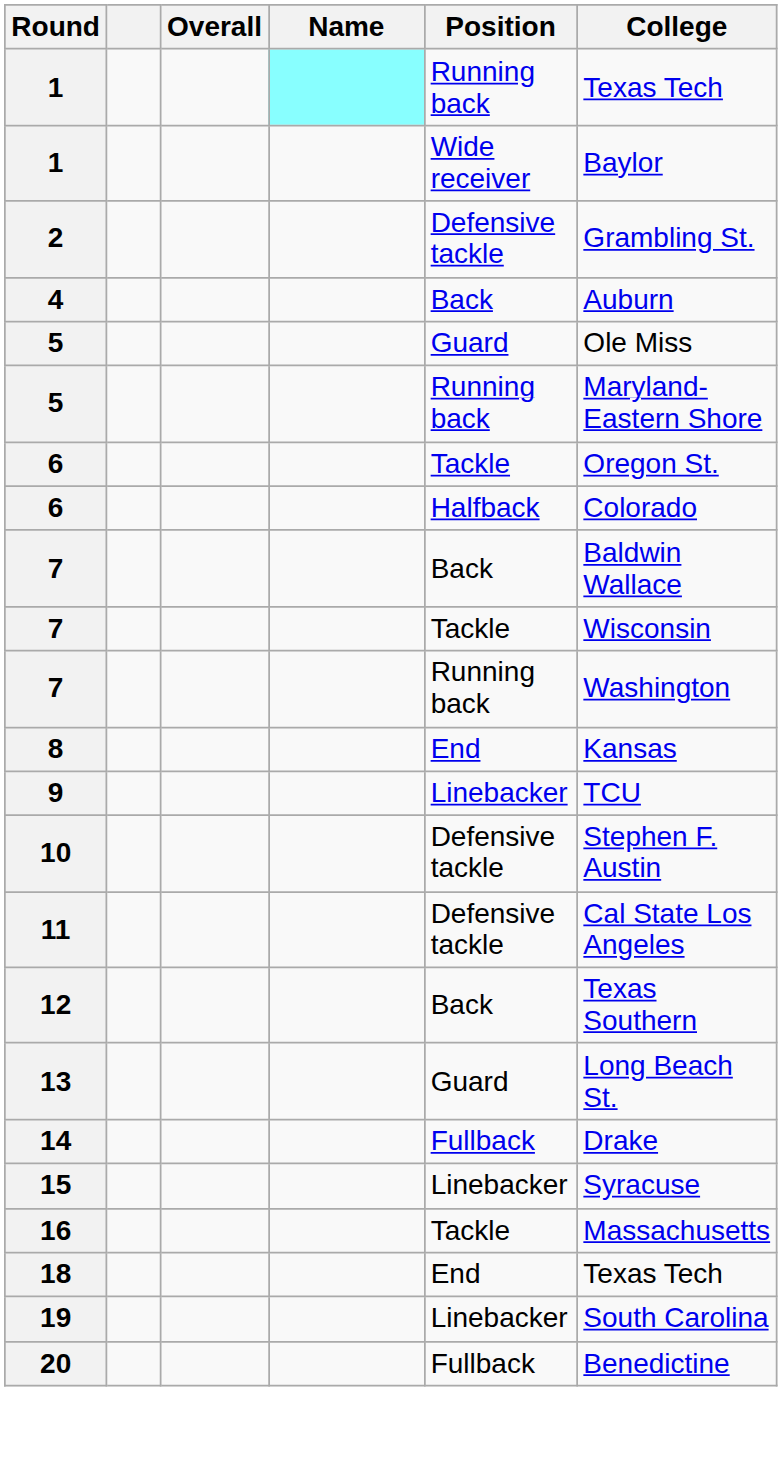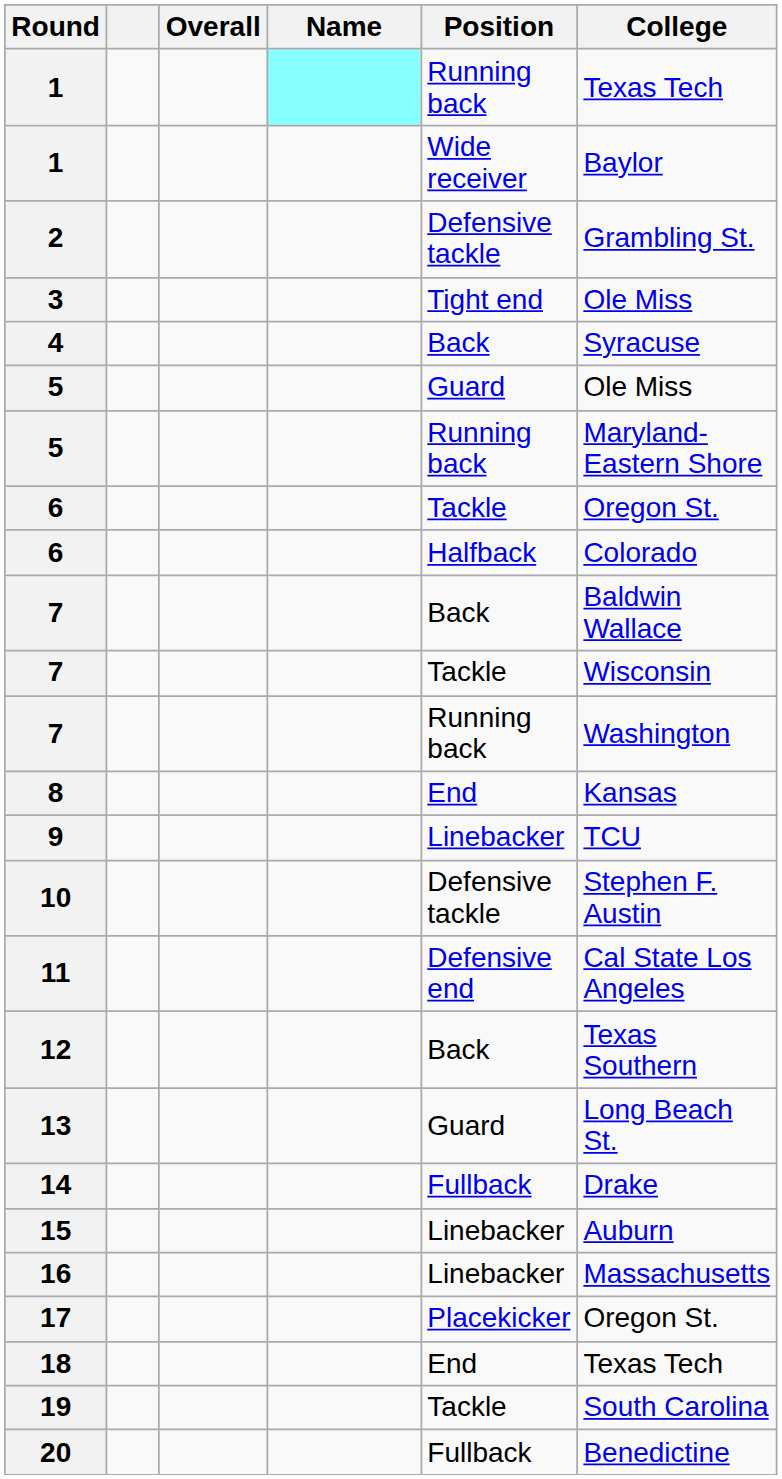 <table class="wikitable sortable" style="width: 50%;">
 <tr>
 <th scope="col" style="width: 10%;">Round</th>
 <th scope="col" style="width: 10%;"></th>
 <th scope="col" style="width: 10%;">Overall</th>
 <th scope="col" style="width: 25%;">Name</th>
 <th scope="col" style="width: 20%;">Position</th>
 <th scope="col" style="width: 25%;">College</th>
 </tr>
 <tr>
 <th scope="row">1</th>
 <td></td>
 <td></td>
 <td style="background:#88FFFF;"> <sup></sup></td>
 <td><a href='#'>Running back</a></td>
 <td><a href='#'>Texas Tech</a></td>
 </tr>
 <tr>
 <th scope="row">1</th>
 <td></td>
 <td></td>
 <td></td>
 <td><a href='#'>Wide receiver</a></td>
 <td><a href='#'>Baylor</a></td>
 </tr>
 <tr>
 <th scope="row">2</th>
 <td></td>
 <td></td>
 <td></td>
 <td><a href='#'>Defensive tackle</a></td>
 <td><a href='#'>Grambling St.</a></td>
 </tr>
 <tr>
+<th scope="row">3</th>
+<td></td>
+<td></td>
+<td></td>
+<td><a href='#'>Tight end</a></td>
+<td><a href='#'>Ole Miss</a></td>
+</tr>
+<tr>
 <th scope="row">4</th>
 <td></td>
 <td></td>
 <td></td>
 <td><a href='#'>Back</a></td>
-<td><a href='#'>Auburn</a></td>
+<td><a href='#'>Syracuse</a></td>
 </tr>
 <tr>
 <th scope="row">5</th>
 <td></td>
 <td></td>
 <td></td>
 <td><a href='#'>Guard</a></td>
 <td>Ole Miss</td>
 </tr>
 <tr>
 <th scope="row">5</th>
 <td></td>
 <td></td>
 <td></td>
 <td><a href='#'>Running back</a></td>
 <td><a href='#'>Maryland-Eastern Shore</a></td>
 </tr>
 <tr>
 <th scope="row">6</th>
 <td></td>
 <td></td>
 <td></td>
 <td><a href='#'>Tackle</a></td>
 <td><a href='#'>Oregon St.</a></td>
 </tr>
 <tr>
 <th scope="row">6</th>
 <td></td>
 <td></td>
 <td></td>
 <td><a href='#'>Halfback</a></td>
 <td><a href='#'>Colorado</a></td>
 </tr>
 <tr>
 <th scope="row">7</th>
 <td></td>
 <td></td>
 <td></td>
 <td>Back</td>
 <td><a href='#'>Baldwin Wallace</a></td>
 </tr>
 <tr>
 <th scope="row">7</th>
 <td></td>
 <td></td>
 <td></td>
 <td>Tackle</td>
 <td><a href='#'>Wisconsin</a></td>
 </tr>
 <tr>
 <th scope="row">7</th>
 <td></td>
 <td></td>
 <td></td>
 <td>Running back</td>
 <td><a href='#'>Washington</a></td>
 </tr>
 <tr>
 <th scope="row">8</th>
 <td></td>
 <td></td>
 <td></td>
 <td><a href='#'>End</a></td>
 <td><a href='#'>Kansas</a></td>
 </tr>
 <tr>
 <th scope="row">9</th>
 <td></td>
 <td></td>
 <td></td>
 <td><a href='#'>Linebacker</a></td>
 <td><a href='#'>TCU</a></td>
 </tr>
 <tr>
 <th scope="row">10</th>
 <td></td>
 <td></td>
 <td></td>
 <td>Defensive tackle</td>
 <td><a href='#'>Stephen F. Austin</a></td>
 </tr>
 <tr>
 <th scope="row">11</th>
 <td></td>
 <td></td>
 <td></td>
-<td>Defensive tackle</td>
+<td><a href='#'>Defensive end</a></td>
 <td><a href='#'>Cal State Los Angeles</a></td>
 </tr>
 <tr>
 <th scope="row">12</th>
 <td></td>
 <td></td>
 <td></td>
 <td>Back</td>
 <td><a href='#'>Texas Southern</a></td>
 </tr>
 <tr>
 <th scope="row">13</th>
 <td></td>
 <td></td>
 <td></td>
 <td>Guard</td>
 <td><a href='#'>Long Beach St.</a></td>
 </tr>
 <tr>
 <th scope="row">14</th>
 <td></td>
 <td></td>
 <td></td>
 <td><a href='#'>Fullback</a></td>
 <td><a href='#'>Drake</a></td>
 </tr>
 <tr>
 <th scope="row">15</th>
 <td></td>
 <td></td>
 <td></td>
 <td>Linebacker</td>
-<td><a href='#'>Syracuse</a></td>
+<td><a href='#'>Auburn</a></td>
 </tr>
 <tr>
 <th scope="row">16</th>
 <td></td>
 <td></td>
 <td></td>
-<td>Tackle</td>
+<td>Linebacker</td>
 <td><a href='#'>Massachusetts</a></td>
+</tr>
+<tr>
+<th scope="row">17</th>
+<td></td>
+<td></td>
+<td></td>
+<td><a href='#'>Placekicker</a></td>
+<td>Oregon St.</td>
 </tr>
 <tr>
 <th scope="row">18</th>
 <td></td>
 <td></td>
 <td></td>
 <td>End</td>
 <td>Texas Tech</td>
 </tr>
 <tr>
 <th scope="row">19</th>
 <td></td>
 <td></td>
 <td></td>
-<td>Linebacker</td>
+<td>Tackle</td>
 <td><a href='#'>South Carolina</a></td>
 </tr>
 <tr>
 <th scope="row">20</th>
 <td></td>
 <td></td>
 <td></td>
 <td>Fullback</td>
 <td><a href='#'>Benedictine</a></td>
 </tr>
 </table>
